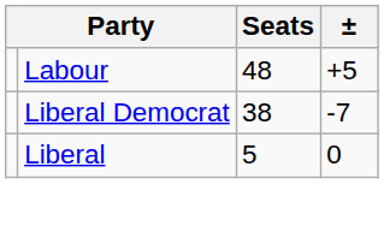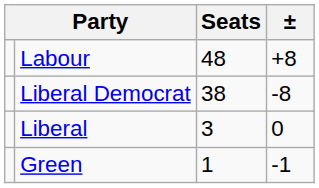 <table class="wikitable">
 <tr>
 <th colspan="2">Party</th>
 <th>Seats</th>
 <th>  ±  </th>
 </tr>
 <tr>
 <td style="background-color: "></td>
 <td><a href='#'>Labour</a></td>
 <td>48</td>
-<td>+5</td>
+<td>+8</td>
 </tr>
 <tr>
 <td style="background-color: "></td>
 <td><a href='#'>Liberal Democrat</a></td>
 <td>38</td>
-<td>-7</td>
+<td>-8</td>
 </tr>
 <tr>
 <td style="background-color: "></td>
 <td><a href='#'>Liberal</a></td>
-<td>5</td>
+<td>3</td>
 <td>0</td>
 </tr>
+<tr>
+<td style="background-color: "></td>
+<td><a href='#'>Green</a></td>
+<td>1</td>
+<td>-1</td>
+</tr>
 </table>
